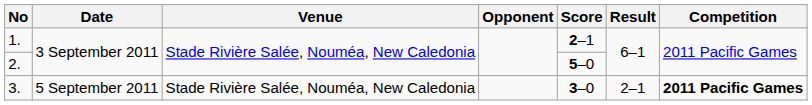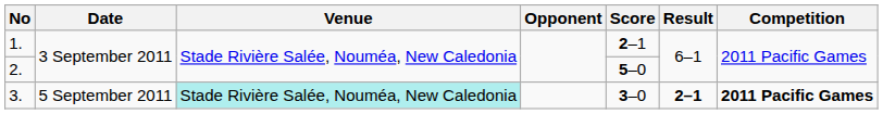 <table class="wikitable" style="font-size:85%;">
 <tr>
 <th>No</th>
 <th>Date</th>
 <th>Venue</th>
 <th>Opponent</th>
 <th>Score</th>
 <th>Result</th>
 <th>Competition</th>
 </tr>
 <tr>
 <td>1.</td>
 <td rowspan="2">3 September 2011</td>
 <td rowspan="2"><a href='#'>Stade Rivière Salée</a>, <a href='#'>Nouméa</a>, <a href='#'>New Caledonia</a></td>
 <td rowspan="2"></td>
 <td align=center><strong>2</strong>–1</td>
 <td rowspan="2" style="text-align:center">6–1</td>
 <td rowspan="2"><a href='#'>2011 Pacific Games</a></td>
 </tr>
 <tr>
 <td>2.</td>
 <td align=center><strong>5</strong>–0</td>
 </tr>
 <tr>
 <td>3.</td>
 <td>5 September 2011</td>
-<td>Stade Rivière Salée, Nouméa, New Caledonia</td>
+<td style="background: paleturquoise;">Stade Rivière Salée, Nouméa, New Caledonia</td>
 <td></td>
 <td align=center><strong>3</strong>–0</td>
-<td align=center>2–1</td>
+<td align=center><strong>2–1</strong></td>
 <td><strong>2011 Pacific Games</strong></td>
 </tr>
 </table>
